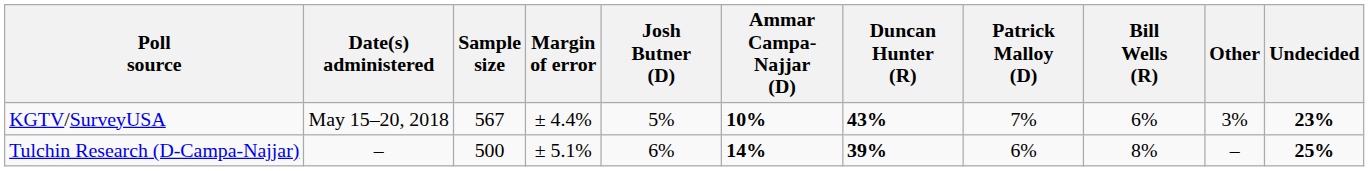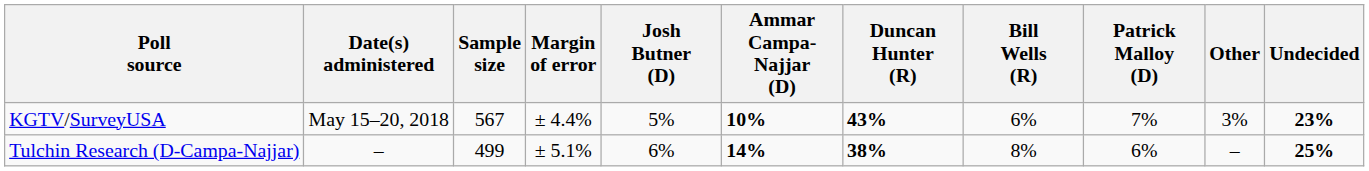 <table class="wikitable">
 <tr>
 <th>Poll<br>source</th>
 <th>Date(s)<br>administered</th>
 <th>Sample<br>size</th>
 <th>Margin<br>of error</th>
 <th style="width:90px">Josh<br>Butner<br>(D)</th>
 <th style="width:90px">Ammar<br>Campa-Najjar<br>(D)</th>
 <th style="width:90px">Duncan<br>Hunter<br>(R)</th>
+<th style="width:90px">Bill<br>Wells<br>(R)</th>
 <th style="width:90px">Patrick<br>Malloy<br>(D)</th>
-<th style="width:90px">Bill<br>Wells<br>(R)</th>
 <th>Other</th>
 <th>Undecided</th>
 </tr>
 <tr>
 <td><a href='#'>KGTV</a>/<a href='#'>SurveyUSA</a></td>
 <td style="text-align:center">May 15–20, 2018</td>
 <td style="text-align:center">567</td>
 <td style="text-align:center">± 4.4%</td>
 <td style="text-align:center">5%</td>
 <td style="background-color:"><strong>10%</strong></td>
 <td style="background-color:"><strong>43%</strong></td>
+<td style="text-align:center">6%</td>
 <td style="text-align:center">7%</td>
-<td style="text-align:center">6%</td>
 <td style="text-align:center">3%</td>
 <td style="text-align:center" ><strong>23%</strong></td>
 </tr>
 <tr>
 <td><a href='#'>Tulchin Research (D-Campa-Najjar)</a></td>
 <td style="text-align:center">–</td>
-<td style="text-align:center">500</td>
+<td style="text-align:center">499</td>
 <td style="text-align:center">± 5.1%</td>
 <td style="text-align:center">6%</td>
 <td style="background-color:"><strong>14%</strong></td>
-<td style="background-color:"><strong>39%</strong></td>
+<td style="background-color:"><strong>38%</strong></td>
+<td style="text-align:center">8%</td>
 <td style="text-align:center">6%</td>
-<td style="text-align:center">8%</td>
 <td style="text-align:center">–</td>
 <td style="text-align:center" ><strong>25%</strong></td>
 </tr>
 </table>
